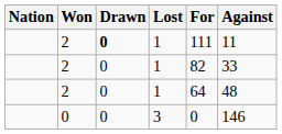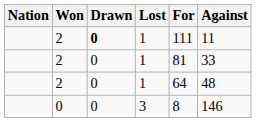 <table class="wikitable">
 <tr>
 <th>Nation</th>
 <th>Won</th>
 <th>Drawn</th>
 <th>Lost</th>
 <th>For</th>
 <th>Against</th>
 </tr>
 <tr>
 <td></td>
 <td>2</td>
 <td><strong>0</strong></td>
 <td>1</td>
 <td>111</td>
 <td>11</td>
 </tr>
 <tr>
 <td></td>
 <td>2</td>
 <td>0</td>
 <td>1</td>
-<td>82</td>
+<td>81</td>
 <td>33</td>
 </tr>
 <tr>
 <td></td>
 <td>2</td>
 <td>0</td>
 <td>1</td>
 <td>64</td>
 <td>48</td>
 </tr>
 <tr>
 <td></td>
 <td>0</td>
 <td>0</td>
 <td>3</td>
-<td>0</td>
+<td>8</td>
 <td>146</td>
 </tr>
 </table>
